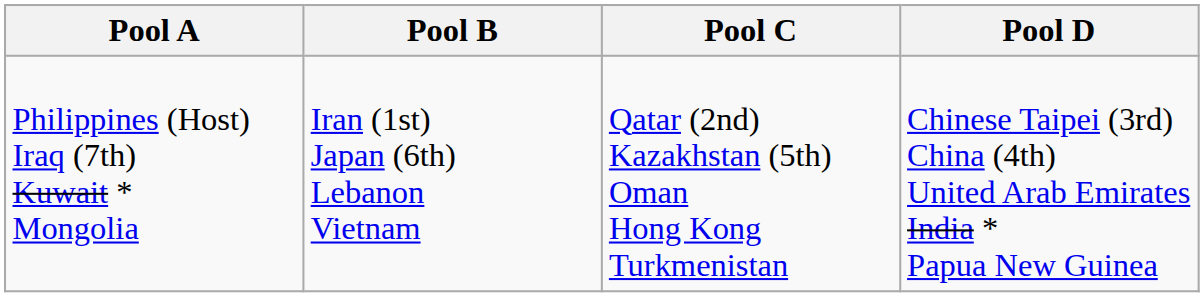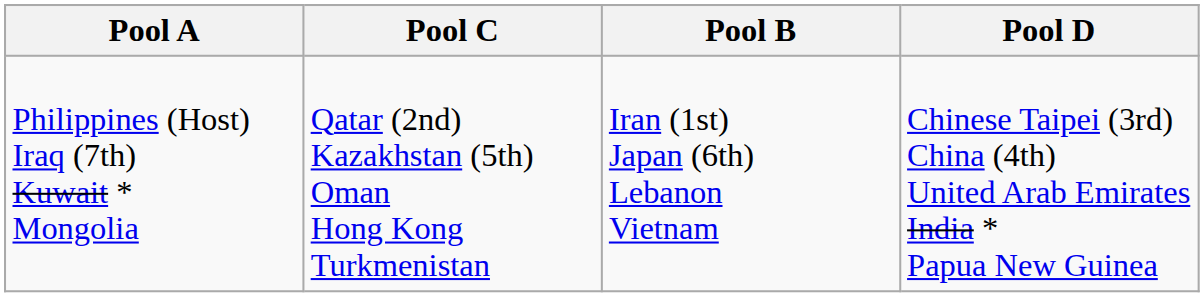 <table class="wikitable">
 <tr>
 <th width=25%>Pool A</th>
+<th width=25%>Pool C</th>
 <th width=25%>Pool B</th>
-<th width=25%>Pool C</th>
 <th width=25%>Pool D</th>
 </tr>
 <tr>
 <td valign=top><br> <a href='#'>Philippines</a> (Host)<br>  <a href='#'>Iraq</a> (7th)<br> <s> <a href='#'>Kuwait</a></s> *<br>  <a href='#'>Mongolia</a><br></td>
+<td valign=top><br> <a href='#'>Qatar</a> (2nd)<br>  <a href='#'>Kazakhstan</a> (5th)<br>  <a href='#'>Oman</a><br>  <a href='#'>Hong Kong</a><br>  <a href='#'>Turkmenistan</a><br></td>
 <td valign=top><br> <a href='#'>Iran</a> (1st)<br>  <a href='#'>Japan</a> (6th)<br>  <a href='#'>Lebanon</a><br>  <a href='#'>Vietnam</a><br></td>
-<td valign=top><br> <a href='#'>Qatar</a> (2nd)<br>  <a href='#'>Kazakhstan</a> (5th)<br>  <a href='#'>Oman</a><br>  <a href='#'>Hong Kong</a><br>  <a href='#'>Turkmenistan</a><br></td>
 <td valign=top><br> <a href='#'>Chinese Taipei</a> (3rd)<br>  <a href='#'>China</a> (4th)<br>  <a href='#'>United Arab Emirates</a><br> <s> <a href='#'>India</a></s> *<br>  <a href='#'>Papua New Guinea</a></td>
 </tr>
 </table>
